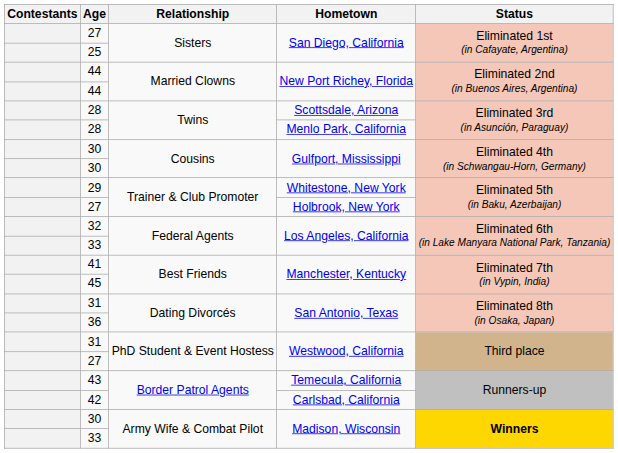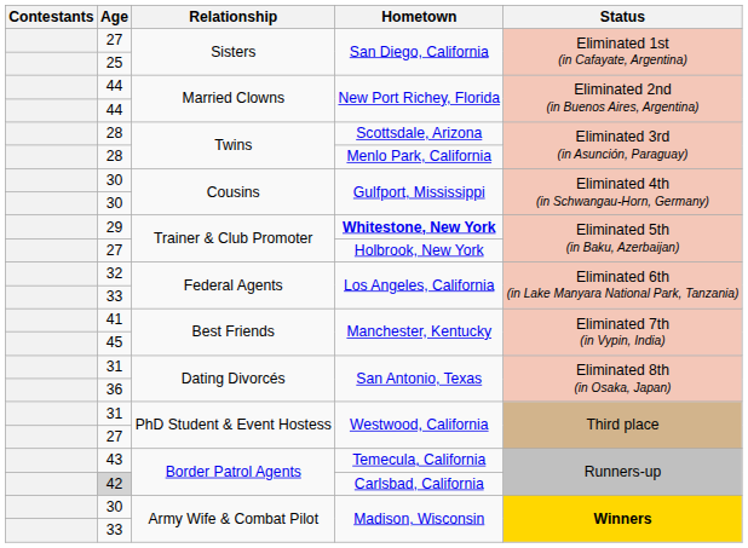 <table class="wikitable sortable" style="text-align:center;">
 <tr>
 <th scope="col">Contestants</th>
 <th scope="col">Age</th>
 <th scope="col" class="unsortable">Relationship</th>
 <th class="unsortable" scope="col">Hometown</th>
 <th scope="col">Status</th>
 </tr>
 <tr>
 <th scope="row"></th>
 <td>27</td>
 <td rowspan="2">Sisters</td>
 <td rowspan="2"><a href='#'>San Diego, California</a></td>
 <td rowspan="2" bgcolor="f4c7b8">Eliminated 1st<br><small><em>(in Cafayate, Argentina)</em></small></td>
 </tr>
 <tr>
 <th scope="row"></th>
 <td>25</td>
 </tr>
 <tr>
 <th scope="row"></th>
 <td>44</td>
 <td rowspan="2">Married Clowns</td>
 <td rowspan="2"><a href='#'>New Port Richey, Florida</a></td>
 <td rowspan="2" bgcolor="f4c7b8">Eliminated 2nd<br><small><em>(in Buenos Aires, Argentina)</em></small></td>
 </tr>
 <tr>
 <th scope="row"></th>
 <td>44</td>
 </tr>
 <tr>
 <th scope="row"></th>
 <td>28</td>
 <td rowspan="2">Twins</td>
 <td><a href='#'>Scottsdale, Arizona</a></td>
 <td rowspan="2" bgcolor="f4c7b8">Eliminated 3rd<br><small><em>(in Asunción, Paraguay)</em></small></td>
 </tr>
 <tr>
 <th scope="row"></th>
 <td>28</td>
 <td><a href='#'>Menlo Park, California</a></td>
 </tr>
 <tr>
 <th scope="row"></th>
 <td>30</td>
 <td rowspan="2">Cousins</td>
 <td rowspan="2"><a href='#'>Gulfport, Mississippi</a></td>
 <td rowspan="2" bgcolor="f4c7b8">Eliminated 4th<br><small><em>(in Schwangau-Horn, Germany)</em></small></td>
 </tr>
 <tr>
 <th scope="row"></th>
 <td>30</td>
 </tr>
 <tr>
 <th scope="row"></th>
 <td>29</td>
 <td rowspan="2">Trainer & Club Promoter</td>
-<td><a href='#'>Whitestone, New York</a></td>
+<td><strong><a href='#'>Whitestone, New York</a></strong></td>
 <td rowspan="2" bgcolor="f4c7b8">Eliminated 5th<br><small><em>(in Baku, Azerbaijan)</em></small></td>
 </tr>
 <tr>
 <th scope="row"></th>
 <td>27</td>
 <td><a href='#'>Holbrook, New York</a></td>
 </tr>
 <tr>
 <th scope="row"></th>
 <td>32</td>
 <td rowspan="2">Federal Agents</td>
 <td rowspan="2"><a href='#'>Los Angeles, California</a></td>
 <td rowspan="2" bgcolor="f4c7b8">Eliminated 6th<br><small><em>(in Lake Manyara National Park, Tanzania)</em></small></td>
 </tr>
 <tr>
 <th scope="row"></th>
 <td>33</td>
 </tr>
 <tr>
 <th scope="row"></th>
 <td>41</td>
 <td rowspan="2">Best Friends</td>
 <td rowspan="2"><a href='#'>Manchester, Kentucky</a></td>
 <td rowspan="2" bgcolor="f4c7b8">Eliminated 7th<br><small><em>(in Vypin, India)</em></small></td>
 </tr>
 <tr>
 <th scope="row"></th>
 <td>45</td>
 </tr>
 <tr>
 <th scope="row"></th>
 <td>31</td>
 <td rowspan="2">Dating Divorcés</td>
 <td rowspan="2"><a href='#'>San Antonio, Texas</a></td>
 <td rowspan="2" bgcolor="f4c7b8">Eliminated 8th<br><small><em>(in Osaka, Japan)</em></small></td>
 </tr>
 <tr>
 <th scope="row"></th>
 <td>36</td>
 </tr>
 <tr>
 <th scope="row"></th>
 <td>31</td>
 <td rowspan="2">PhD Student & Event Hostess</td>
 <td rowspan="2"><a href='#'>Westwood, California</a></td>
 <td rowspan="2" bgcolor="tan">Third place</td>
 </tr>
 <tr>
 <th scope="row"></th>
 <td>27</td>
 </tr>
 <tr>
 <th scope="row"></th>
 <td>43</td>
 <td rowspan="2"><a href='#'>Border Patrol Agents</a></td>
 <td><a href='#'>Temecula, California</a></td>
 <td rowspan="2" bgcolor="silver">Runners-up</td>
 </tr>
 <tr>
 <th scope="row"></th>
-<td>42</td>
+<td style="background: lightgrey;">42</td>
 <td><a href='#'>Carlsbad, California</a></td>
 </tr>
 <tr>
 <th scope="row"></th>
 <td>30</td>
 <td rowspan="2">Army Wife & Combat Pilot</td>
 <td rowspan="2"><a href='#'>Madison, Wisconsin</a></td>
 <td rowspan="2" bgcolor="gold"><strong>Winners</strong></td>
 </tr>
 <tr>
 <th scope="row"></th>
 <td>33</td>
 </tr>
 </table>
